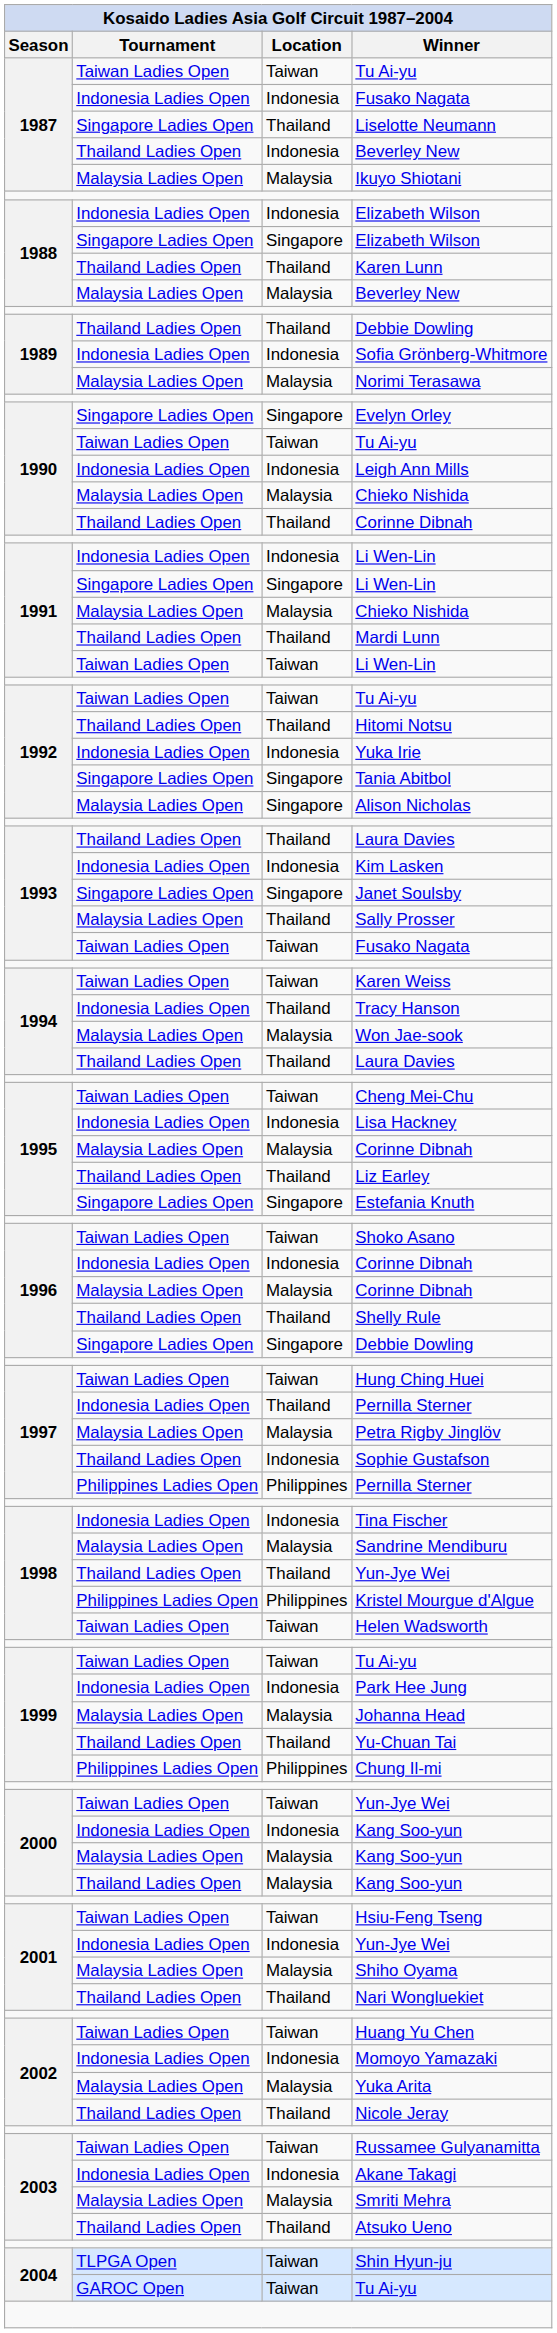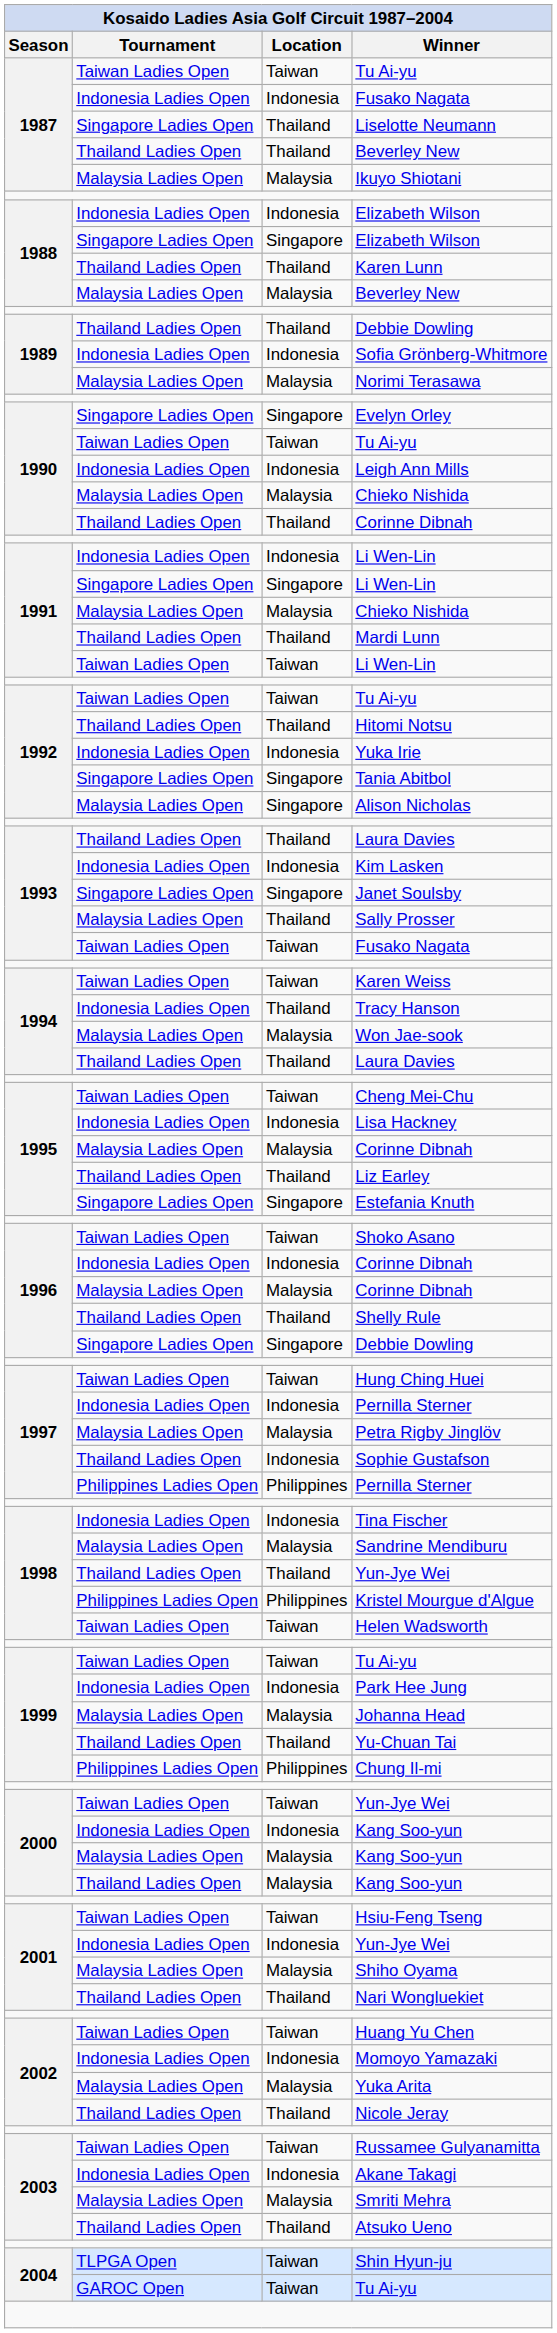 <table class="wikitable sortable collapsible uncollapsed" style="font-size:95%;">
 <tr>
 <th colspan=4 style="background:#cedaf2;">Kosaido Ladies Asia Golf Circuit 1987–2004</th>
 </tr>
 <tr>
 <th>Season</th>
 <th>Tournament</th>
 <th>Location</th>
 <th>Winner</th>
 </tr>
 <tr>
 <th rowspan=5>1987</th>
 <td><a href='#'>Taiwan Ladies Open</a></td>
 <td>Taiwan</td>
 <td> <a href='#'>Tu Ai-yu</a></td>
 </tr>
 <tr>
 <td><a href='#'>Indonesia Ladies Open</a></td>
 <td>Indonesia</td>
 <td> <a href='#'>Fusako Nagata</a></td>
 </tr>
 <tr>
 <td><a href='#'>Singapore Ladies Open</a></td>
 <td>Thailand</td>
 <td> <a href='#'>Liselotte Neumann</a></td>
 </tr>
 <tr>
 <td><a href='#'>Thailand Ladies Open</a></td>
-<td>Indonesia</td>
+<td>Thailand</td>
 <td> <a href='#'>Beverley New</a></td>
 </tr>
 <tr>
 <td><a href='#'>Malaysia Ladies Open</a></td>
 <td>Malaysia</td>
 <td> <a href='#'>Ikuyo Shiotani</a></td>
 </tr>
 <tr>
 <td colspan=4></td>
 </tr>
 <tr>
 <th rowspan=4>1988</th>
 <td><a href='#'>Indonesia Ladies Open</a></td>
 <td>Indonesia</td>
 <td> <a href='#'>Elizabeth Wilson</a></td>
 </tr>
 <tr>
 <td><a href='#'>Singapore Ladies Open</a></td>
 <td>Singapore</td>
 <td> <a href='#'>Elizabeth Wilson</a></td>
 </tr>
 <tr>
 <td><a href='#'>Thailand Ladies Open</a></td>
 <td>Thailand</td>
 <td> <a href='#'>Karen Lunn</a></td>
 </tr>
 <tr>
 <td><a href='#'>Malaysia Ladies Open</a></td>
 <td>Malaysia</td>
 <td> <a href='#'>Beverley New</a></td>
 </tr>
 <tr>
 <td colspan=4></td>
 </tr>
 <tr>
 <th rowspan=3>1989</th>
 <td><a href='#'>Thailand Ladies Open</a></td>
 <td>Thailand</td>
 <td> <a href='#'>Debbie Dowling</a></td>
 </tr>
 <tr>
 <td><a href='#'>Indonesia Ladies Open</a></td>
 <td>Indonesia</td>
 <td> <a href='#'>Sofia Grönberg-Whitmore</a></td>
 </tr>
 <tr>
 <td><a href='#'>Malaysia Ladies Open</a></td>
 <td>Malaysia</td>
 <td> <a href='#'>Norimi Terasawa</a></td>
 </tr>
 <tr>
 <td colspan=4></td>
 </tr>
 <tr>
 <th rowspan=5>1990</th>
 <td><a href='#'>Singapore Ladies Open</a></td>
 <td>Singapore</td>
 <td> <a href='#'>Evelyn Orley</a></td>
 </tr>
 <tr>
 <td><a href='#'>Taiwan Ladies Open</a></td>
 <td>Taiwan</td>
 <td> <a href='#'>Tu Ai-yu</a></td>
 </tr>
 <tr>
 <td><a href='#'>Indonesia Ladies Open</a></td>
 <td>Indonesia</td>
 <td> <a href='#'>Leigh Ann Mills</a></td>
 </tr>
 <tr>
 <td><a href='#'>Malaysia Ladies Open</a></td>
 <td>Malaysia</td>
 <td> <a href='#'>Chieko Nishida</a></td>
 </tr>
 <tr>
 <td><a href='#'>Thailand Ladies Open</a></td>
 <td>Thailand</td>
 <td> <a href='#'>Corinne Dibnah</a></td>
 </tr>
 <tr>
 <td colspan=4></td>
 </tr>
 <tr>
 <th rowspan=5>1991</th>
 <td><a href='#'>Indonesia Ladies Open</a></td>
 <td>Indonesia</td>
 <td> <a href='#'>Li Wen-Lin</a></td>
 </tr>
 <tr>
 <td><a href='#'>Singapore Ladies Open</a></td>
 <td>Singapore</td>
 <td> <a href='#'>Li Wen-Lin</a></td>
 </tr>
 <tr>
 <td><a href='#'>Malaysia Ladies Open</a></td>
 <td>Malaysia</td>
 <td> <a href='#'>Chieko Nishida</a></td>
 </tr>
 <tr>
 <td><a href='#'>Thailand Ladies Open</a></td>
 <td>Thailand</td>
 <td> <a href='#'>Mardi Lunn</a></td>
 </tr>
 <tr>
 <td><a href='#'>Taiwan Ladies Open</a></td>
 <td>Taiwan</td>
 <td> <a href='#'>Li Wen-Lin</a></td>
 </tr>
 <tr>
 <td colspan=4></td>
 </tr>
 <tr>
 <th rowspan=5>1992</th>
 <td><a href='#'>Taiwan Ladies Open</a></td>
 <td>Taiwan</td>
 <td> <a href='#'>Tu Ai-yu</a></td>
 </tr>
 <tr>
 <td><a href='#'>Thailand Ladies Open</a></td>
 <td>Thailand</td>
 <td> <a href='#'>Hitomi Notsu</a></td>
 </tr>
 <tr>
 <td><a href='#'>Indonesia Ladies Open</a></td>
 <td>Indonesia</td>
 <td> <a href='#'>Yuka Irie</a></td>
 </tr>
 <tr>
 <td><a href='#'>Singapore Ladies Open</a></td>
 <td>Singapore</td>
 <td> <a href='#'>Tania Abitbol</a></td>
 </tr>
 <tr>
 <td><a href='#'>Malaysia Ladies Open</a></td>
 <td>Singapore</td>
 <td> <a href='#'>Alison Nicholas</a></td>
 </tr>
 <tr>
 <td colspan=4></td>
 </tr>
 <tr>
 <th rowspan=5>1993</th>
 <td><a href='#'>Thailand Ladies Open</a></td>
 <td>Thailand</td>
 <td> <a href='#'>Laura Davies</a></td>
 </tr>
 <tr>
 <td><a href='#'>Indonesia Ladies Open</a></td>
 <td>Indonesia</td>
 <td> <a href='#'>Kim Lasken</a></td>
 </tr>
 <tr>
 <td><a href='#'>Singapore Ladies Open</a></td>
 <td>Singapore</td>
 <td> <a href='#'>Janet Soulsby</a></td>
 </tr>
 <tr>
 <td><a href='#'>Malaysia Ladies Open</a></td>
 <td>Thailand</td>
 <td> <a href='#'>Sally Prosser</a></td>
 </tr>
 <tr>
 <td><a href='#'>Taiwan Ladies Open</a></td>
 <td>Taiwan</td>
 <td> <a href='#'>Fusako Nagata</a></td>
 </tr>
 <tr>
 <td colspan=4></td>
 </tr>
 <tr>
 <th rowspan=4>1994</th>
 <td><a href='#'>Taiwan Ladies Open</a></td>
 <td>Taiwan</td>
 <td> <a href='#'>Karen Weiss</a></td>
 </tr>
 <tr>
 <td><a href='#'>Indonesia Ladies Open</a></td>
 <td>Thailand</td>
 <td> <a href='#'>Tracy Hanson</a></td>
 </tr>
 <tr>
 <td><a href='#'>Malaysia Ladies Open</a></td>
 <td>Malaysia</td>
 <td> <a href='#'>Won Jae-sook</a></td>
 </tr>
 <tr>
 <td><a href='#'>Thailand Ladies Open</a></td>
 <td>Thailand</td>
 <td> <a href='#'>Laura Davies</a></td>
 </tr>
 <tr>
 <td colspan=4></td>
 </tr>
 <tr>
 <th rowspan=5>1995</th>
 <td><a href='#'>Taiwan Ladies Open</a></td>
 <td>Taiwan</td>
 <td> <a href='#'>Cheng Mei-Chu</a></td>
 </tr>
 <tr>
 <td><a href='#'>Indonesia Ladies Open</a></td>
 <td>Indonesia</td>
 <td> <a href='#'>Lisa Hackney</a></td>
 </tr>
 <tr>
 <td><a href='#'>Malaysia Ladies Open</a></td>
 <td>Malaysia</td>
 <td> <a href='#'>Corinne Dibnah</a></td>
 </tr>
 <tr>
 <td><a href='#'>Thailand Ladies Open</a></td>
 <td>Thailand</td>
 <td> <a href='#'>Liz Earley</a></td>
 </tr>
 <tr>
 <td><a href='#'>Singapore Ladies Open</a></td>
 <td>Singapore</td>
 <td> <a href='#'>Estefania Knuth</a></td>
 </tr>
 <tr>
 <td colspan=4></td>
 </tr>
 <tr>
 <th rowspan=5>1996</th>
 <td><a href='#'>Taiwan Ladies Open</a></td>
 <td>Taiwan</td>
 <td> <a href='#'>Shoko Asano</a></td>
 </tr>
 <tr>
 <td><a href='#'>Indonesia Ladies Open</a></td>
 <td>Indonesia</td>
 <td> <a href='#'>Corinne Dibnah</a></td>
 </tr>
 <tr>
 <td><a href='#'>Malaysia Ladies Open</a></td>
 <td>Malaysia</td>
 <td> <a href='#'>Corinne Dibnah</a></td>
 </tr>
 <tr>
 <td><a href='#'>Thailand Ladies Open</a></td>
 <td>Thailand</td>
 <td> <a href='#'>Shelly Rule</a></td>
 </tr>
 <tr>
 <td><a href='#'>Singapore Ladies Open</a></td>
 <td>Singapore</td>
 <td> <a href='#'>Debbie Dowling</a></td>
 </tr>
 <tr>
 <td colspan=4></td>
 </tr>
 <tr>
 <th rowspan=5>1997</th>
 <td><a href='#'>Taiwan Ladies Open</a></td>
 <td>Taiwan</td>
 <td> <a href='#'>Hung Ching Huei</a></td>
 </tr>
 <tr>
 <td><a href='#'>Indonesia Ladies Open</a></td>
-<td>Thailand</td>
+<td>Indonesia</td>
 <td> <a href='#'>Pernilla Sterner</a></td>
 </tr>
 <tr>
 <td><a href='#'>Malaysia Ladies Open</a></td>
 <td>Malaysia</td>
 <td> <a href='#'>Petra Rigby Jinglöv</a></td>
 </tr>
 <tr>
 <td><a href='#'>Thailand Ladies Open</a></td>
 <td>Indonesia</td>
 <td> <a href='#'>Sophie Gustafson</a></td>
 </tr>
 <tr>
 <td><a href='#'>Philippines Ladies Open</a></td>
 <td>Philippines</td>
 <td> <a href='#'>Pernilla Sterner</a></td>
 </tr>
 <tr>
 <td colspan=4></td>
 </tr>
 <tr>
 <th rowspan=5>1998</th>
 <td><a href='#'>Indonesia Ladies Open</a></td>
 <td>Indonesia</td>
 <td> <a href='#'>Tina Fischer</a></td>
 </tr>
 <tr>
 <td><a href='#'>Malaysia Ladies Open</a></td>
 <td>Malaysia</td>
 <td> <a href='#'>Sandrine Mendiburu</a></td>
 </tr>
 <tr>
 <td><a href='#'>Thailand Ladies Open</a></td>
 <td>Thailand</td>
 <td> <a href='#'>Yun-Jye Wei</a></td>
 </tr>
 <tr>
 <td><a href='#'>Philippines Ladies Open</a></td>
 <td>Philippines</td>
 <td> <a href='#'>Kristel Mourgue d'Algue</a></td>
 </tr>
 <tr>
 <td><a href='#'>Taiwan Ladies Open</a></td>
 <td>Taiwan</td>
 <td> <a href='#'>Helen Wadsworth</a></td>
 </tr>
 <tr>
 <td colspan=4></td>
 </tr>
 <tr>
 <th rowspan=5>1999</th>
 <td><a href='#'>Taiwan Ladies Open</a></td>
 <td>Taiwan</td>
 <td> <a href='#'>Tu Ai-yu</a></td>
 </tr>
 <tr>
 <td><a href='#'>Indonesia Ladies Open</a></td>
 <td>Indonesia</td>
 <td> <a href='#'>Park Hee Jung</a></td>
 </tr>
 <tr>
 <td><a href='#'>Malaysia Ladies Open</a></td>
 <td>Malaysia</td>
 <td> <a href='#'>Johanna Head</a></td>
 </tr>
 <tr>
 <td><a href='#'>Thailand Ladies Open</a></td>
 <td>Thailand</td>
 <td> <a href='#'>Yu-Chuan Tai</a></td>
 </tr>
 <tr>
 <td><a href='#'>Philippines Ladies Open</a></td>
 <td>Philippines</td>
 <td> <a href='#'>Chung Il-mi</a></td>
 </tr>
 <tr>
 <td colspan=4></td>
 </tr>
 <tr>
 <th rowspan=4>2000</th>
 <td><a href='#'>Taiwan Ladies Open</a></td>
 <td>Taiwan</td>
 <td> <a href='#'>Yun-Jye Wei</a></td>
 </tr>
 <tr>
 <td><a href='#'>Indonesia Ladies Open</a></td>
 <td>Indonesia</td>
 <td> <a href='#'>Kang Soo-yun</a></td>
 </tr>
 <tr>
 <td><a href='#'>Malaysia Ladies Open</a></td>
 <td>Malaysia</td>
 <td> <a href='#'>Kang Soo-yun</a></td>
 </tr>
 <tr>
 <td><a href='#'>Thailand Ladies Open</a></td>
 <td>Malaysia</td>
 <td> <a href='#'>Kang Soo-yun</a></td>
 </tr>
 <tr>
 <td colspan=4></td>
 </tr>
 <tr>
 <th rowspan=4>2001</th>
 <td><a href='#'>Taiwan Ladies Open</a></td>
 <td>Taiwan</td>
 <td> <a href='#'>Hsiu-Feng Tseng</a></td>
 </tr>
 <tr>
 <td><a href='#'>Indonesia Ladies Open</a></td>
 <td>Indonesia</td>
 <td> <a href='#'>Yun-Jye Wei</a></td>
 </tr>
 <tr>
 <td><a href='#'>Malaysia Ladies Open</a></td>
 <td>Malaysia</td>
 <td> <a href='#'>Shiho Oyama</a></td>
 </tr>
 <tr>
 <td><a href='#'>Thailand Ladies Open</a></td>
 <td>Thailand</td>
 <td> <a href='#'>Nari Wongluekiet</a></td>
 </tr>
 <tr>
 <td colspan=4></td>
 </tr>
 <tr>
 <th rowspan=4>2002</th>
 <td><a href='#'>Taiwan Ladies Open</a></td>
 <td>Taiwan</td>
 <td> <a href='#'>Huang Yu Chen</a></td>
 </tr>
 <tr>
 <td><a href='#'>Indonesia Ladies Open</a></td>
 <td>Indonesia</td>
 <td> <a href='#'>Momoyo Yamazaki</a></td>
 </tr>
 <tr>
 <td><a href='#'>Malaysia Ladies Open</a></td>
 <td>Malaysia</td>
 <td> <a href='#'>Yuka Arita</a></td>
 </tr>
 <tr>
 <td><a href='#'>Thailand Ladies Open</a></td>
 <td>Thailand</td>
 <td> <a href='#'>Nicole Jeray</a></td>
 </tr>
 <tr>
 <td colspan=4></td>
 </tr>
 <tr>
 <th rowspan=4>2003</th>
 <td><a href='#'>Taiwan Ladies Open</a></td>
 <td>Taiwan</td>
 <td> <a href='#'>Russamee Gulyanamitta</a></td>
 </tr>
 <tr>
 <td><a href='#'>Indonesia Ladies Open</a></td>
 <td>Indonesia</td>
 <td> <a href='#'>Akane Takagi</a></td>
 </tr>
 <tr>
 <td><a href='#'>Malaysia Ladies Open</a></td>
 <td>Malaysia</td>
 <td> <a href='#'>Smriti Mehra</a></td>
 </tr>
 <tr>
 <td><a href='#'>Thailand Ladies Open</a></td>
 <td>Thailand</td>
 <td> <a href='#'>Atsuko Ueno</a></td>
 </tr>
 <tr>
 <td colspan=4></td>
 </tr>
 <tr>
 <th rowspan=2>2004</th>
 <td style="background:#D6E8FF;"><a href='#'>TLPGA Open</a></td>
 <td style="background:#D6E8FF;">Taiwan</td>
 <td style="background:#D6E8FF;"> <a href='#'>Shin Hyun-ju</a></td>
 </tr>
 <tr style="background:#D6E8FF;">
 <td><a href='#'>GAROC Open</a></td>
 <td>Taiwan</td>
 <td> <a href='#'>Tu Ai-yu</a></td>
 </tr>
 <tr>
 <td colspan=4><br></td>
 </tr>
 </table>
